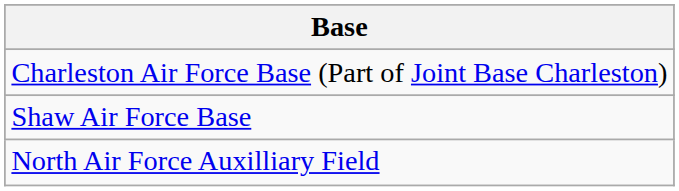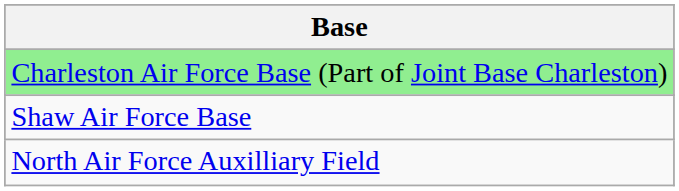 <table class="wikitable sortable">
 <tr>
 <th>Base</th>
 </tr>
 <tr>
-<td><a href='#'>Charleston Air Force Base</a> (Part of <a href='#'>Joint Base Charleston</a>)</td>
+<td style="background: lightgreen;"><a href='#'>Charleston Air Force Base</a> (Part of <a href='#'>Joint Base Charleston</a>)</td>
 </tr>
 <tr>
 <td><a href='#'>Shaw Air Force Base</a></td>
 </tr>
 <tr>
 <td><a href='#'>North Air Force Auxilliary Field</a></td>
 </tr>
 </table>
